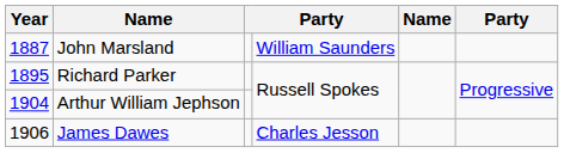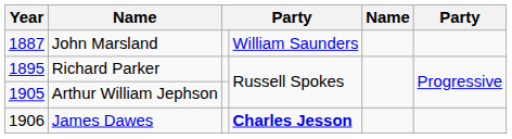 <table class="wikitable">
 <tr>
 <th>Year</th>
 <th>Name</th>
 <th colspan=2>Party</th>
 <th>Name</th>
 <th colspan=2>Party</th>
 </tr>
 <tr>
 <td><a href='#'>1887</a></td>
 <td>John Marsland</td>
 <td></td>
 <td><a href='#'>William Saunders</a></td>
 <td></td>
 </tr>
 <tr>
 <td><a href='#'>1895</a></td>
 <td>Richard Parker</td>
 <td></td>
 <td rowspan=2>Russell Spokes</td>
 <td rowspan=2 style="background-color: "></td>
 <td rowspan=2><a href='#'>Progressive</a></td>
 </tr>
 <tr>
-<td><a href='#'>1904</a></td>
+<td><a href='#'>1905</a></td>
 <td>Arthur William Jephson</td>
 <td></td>
 </tr>
 <tr>
 <td>1906</td>
 <td><a href='#'>James Dawes</a></td>
 <td></td>
-<td><a href='#'>Charles Jesson</a></td>
+<td><strong><a href='#'>Charles Jesson</a></strong></td>
 <td></td>
 </tr>
 </table>
